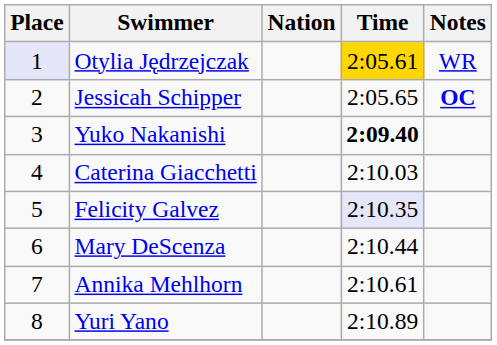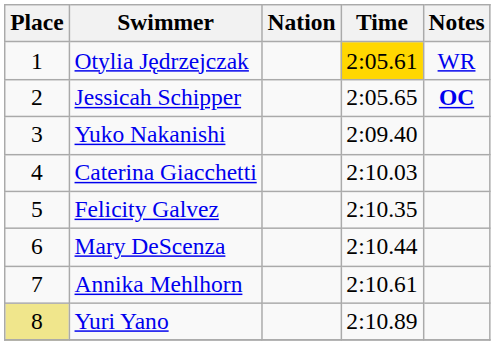 <table class="wikitable sortable" style="text-align:center">
 <tr>
 <th>Place</th>
 <th>Swimmer</th>
 <th>Nation</th>
 <th>Time</th>
 <th>Notes</th>
 </tr>
 <tr>
-<td style="background: lavender;">1</td>
+<td>1</td>
 <td align=left><a href='#'>Otylia Jędrzejczak</a></td>
 <td align=left></td>
 <td style="background: gold;">2:05.61</td>
 <td><a href='#'>WR</a></td>
 </tr>
 <tr>
 <td>2</td>
 <td align=left><a href='#'>Jessicah Schipper</a></td>
 <td align=left></td>
 <td>2:05.65</td>
 <td><strong><a href='#'>OC</a></strong></td>
 </tr>
 <tr>
 <td>3</td>
 <td align=left><a href='#'>Yuko Nakanishi</a></td>
 <td align=left></td>
-<td><strong>2:09.40</strong></td>
+<td>2:09.40</td>
 <td></td>
 </tr>
 <tr>
 <td>4</td>
 <td align=left><a href='#'>Caterina Giacchetti</a></td>
 <td align=left></td>
 <td>2:10.03</td>
 <td></td>
 </tr>
 <tr>
 <td>5</td>
 <td align=left><a href='#'>Felicity Galvez</a></td>
 <td align=left></td>
-<td style="background: lavender;">2:10.35</td>
+<td>2:10.35</td>
 <td></td>
 </tr>
 <tr>
 <td>6</td>
 <td align=left><a href='#'>Mary DeScenza</a></td>
 <td align=left></td>
 <td>2:10.44</td>
 <td></td>
 </tr>
 <tr>
 <td>7</td>
 <td align=left><a href='#'>Annika Mehlhorn</a></td>
 <td align=left></td>
 <td>2:10.61</td>
 <td></td>
 </tr>
 <tr>
-<td>8</td>
+<td style="background: khaki;">8</td>
 <td align=left><a href='#'>Yuri Yano</a></td>
 <td align=left></td>
 <td>2:10.89</td>
 <td></td>
 </tr>
 <tr>
 </tr>
 </table>
